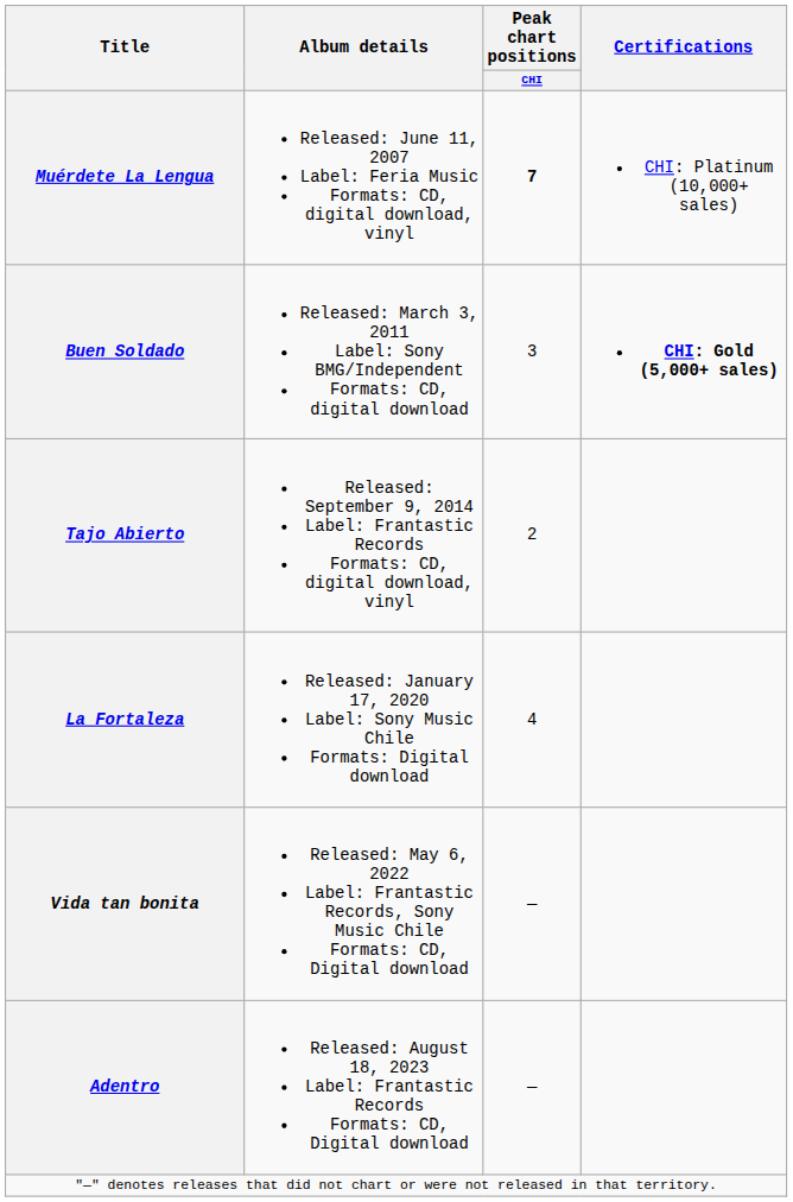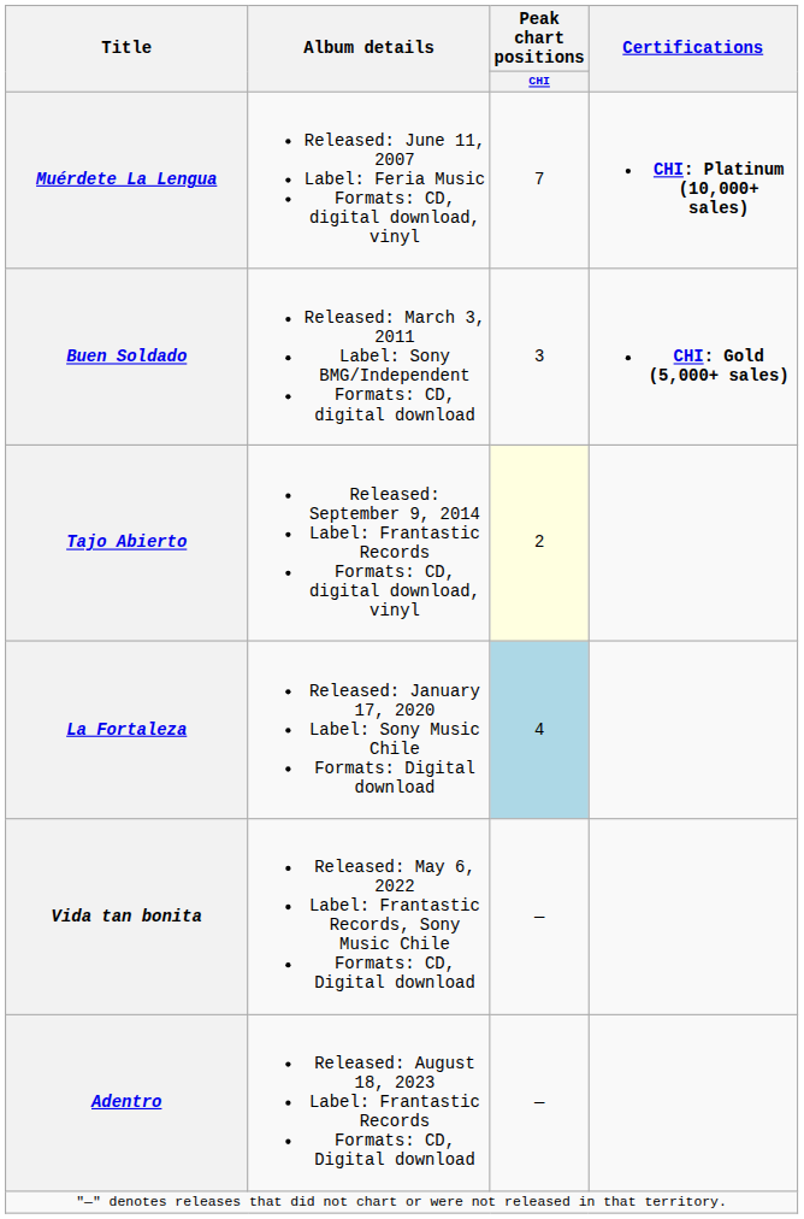 <table class="wikitable plainrowheaders" style="text-align:center;" border="1">
 <tr>
 <th scope="col" rowspan="2" style="width:14em;">Title</th>
 <th scope="col" rowspan="2" style="width:14em;">Album details</th>
 <th scope="col" colspan="1">Peak chart positions</th>
 <th scope="col" rowspan="2" style="width:12em;"><a href='#'>Certifications</a></th>
 </tr>
 <tr>
 <th scope="col" style="width:3em;font-size:70%;"><a href='#'>CHI</a></th>
 </tr>
 <tr>
 <th scope="row"><em><a href='#'>Muérdete La Lengua</a></em></th>
 <td><br><ul><li>Released: June 11, 2007</li><li>Label: Feria Music</li><li>Formats: CD, digital download, vinyl</li></ul></td>
-<td><strong>7</strong></td>
-<td><br><ul><li><a href='#'>CHI</a>: Platinum (10,000+ sales)</li></ul></td>
+<td>7</td>
+<td><strong><br><ul><li><a href='#'>CHI</a>: Platinum (10,000+ sales)</li></ul></strong></td>
 </tr>
 <tr>
 <th scope="row"><em><a href='#'>Buen Soldado</a></em></th>
 <td><br><ul><li>Released: March 3, 2011</li><li>Label: Sony BMG/Independent</li><li>Formats: CD, digital download</li></ul></td>
 <td>3</td>
 <td><strong><br><ul><li><a href='#'>CHI</a>: Gold (5,000+ sales)</li></ul></strong></td>
 </tr>
 <tr>
 <th scope="row"><em><a href='#'>Tajo Abierto</a></em></th>
 <td><br><ul><li>Released: September 9, 2014</li><li>Label: Frantastic Records</li><li>Formats: CD, digital download, vinyl</li></ul></td>
-<td>2</td>
+<td style="background: lightyellow;">2</td>
 <td></td>
 </tr>
 <tr>
 <th scope="row"><em><a href='#'>La Fortaleza</a></em></th>
 <td><br><ul><li>Released: January 17, 2020</li><li>Label: Sony Music Chile</li><li>Formats: Digital download</li></ul></td>
-<td>4</td>
+<td style="background: lightblue;">4</td>
 <td></td>
 </tr>
 <tr>
 <th scope="row"><em>Vida tan bonita</em></th>
 <td><br><ul><li>Released: May 6, 2022</li><li>Label: Frantastic Records, Sony Music Chile</li><li>Formats: CD, Digital download</li></ul></td>
 <td>—</td>
 <td></td>
 </tr>
 <tr>
 <th scope="row"><em><a href='#'>Adentro</a></em></th>
 <td><br><ul><li>Released: August 18, 2023</li><li>Label: Frantastic Records</li><li>Formats: CD, Digital download</li></ul></td>
 <td>—</td>
 <td></td>
 </tr>
 <tr>
 <td align="center" colspan="13" style="font-size:8pt">"—" denotes releases that did not chart or were not released in that territory.</td>
 </tr>
 </table>
